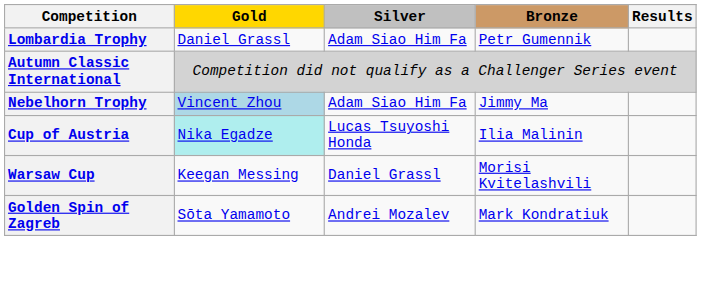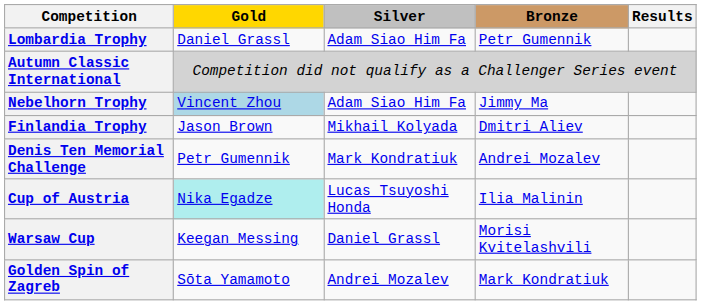 <table class="wikitable unsortable" style="text-align:left; width:100%">
 <tr>
 <th scope="col" style="text-align:center; width:25%;">Competition</th>
 <td scope="col" style="text-align:center; width:22.5%; background:gold"><strong>Gold</strong></td>
 <td scope="col" style="text-align:center; width:22.5%; background:silver"><strong>Silver</strong></td>
 <td scope="col" style="text-align:center; width:22.5%; background:#c96"><strong>Bronze</strong></td>
 <th scope="col" style="text-align:center; width:7.5%;">Results</th>
 </tr>
 <tr>
 <th scope="row" style="text-align:left"> <a href='#'>Lombardia Trophy</a></th>
 <td> <a href='#'>Daniel Grassl</a></td>
 <td> <a href='#'>Adam Siao Him Fa</a></td>
 <td> <a href='#'>Petr Gumennik</a></td>
 <td></td>
 </tr>
 <tr>
 <th scope="row" style="text-align:left"> <a href='#'>Autumn Classic International</a></th>
 <td colspan="4" style="text-align:center" bgcolor="lightgray"><em>Competition did not qualify as a Challenger Series event</em></td>
 </tr>
 <tr>
 <th scope="row" style="text-align:left"> <a href='#'>Nebelhorn Trophy</a></th>
 <td style="background: lightblue;"> <a href='#'>Vincent Zhou</a></td>
 <td> <a href='#'>Adam Siao Him Fa</a></td>
 <td> <a href='#'>Jimmy Ma</a></td>
 <td></td>
 </tr>
 <tr>
+<th scope="row" style="text-align:left"> <a href='#'>Finlandia Trophy</a></th>
+<td> <a href='#'>Jason Brown</a></td>
+<td> <a href='#'>Mikhail Kolyada</a></td>
+<td> <a href='#'>Dmitri Aliev</a></td>
+<td></td>
+</tr>
+<tr>
+<th scope="row" style="text-align:left"> <a href='#'>Denis Ten Memorial Challenge</a></th>
+<td> <a href='#'>Petr Gumennik</a></td>
+<td> <a href='#'>Mark Kondratiuk</a></td>
+<td> <a href='#'>Andrei Mozalev</a></td>
+<td></td>
+</tr>
+<tr>
 <th scope="row" style="text-align:left"> <a href='#'>Cup of Austria</a></th>
 <td style="background: paleturquoise;"> <a href='#'>Nika Egadze</a></td>
 <td> <a href='#'>Lucas Tsuyoshi Honda</a></td>
 <td> <a href='#'>Ilia Malinin</a></td>
 <td></td>
 </tr>
 <tr>
 <th scope="row" style="text-align:left"> <a href='#'>Warsaw Cup</a></th>
 <td> <a href='#'>Keegan Messing</a></td>
 <td> <a href='#'>Daniel Grassl</a></td>
 <td> <a href='#'>Morisi Kvitelashvili</a></td>
 <td></td>
 </tr>
 <tr>
 <th scope="row" style="text-align:left"> <a href='#'>Golden Spin of Zagreb</a></th>
 <td> <a href='#'>Sōta Yamamoto</a></td>
 <td> <a href='#'>Andrei Mozalev</a></td>
 <td> <a href='#'>Mark Kondratiuk</a></td>
 <td></td>
 </tr>
 </table>
